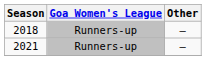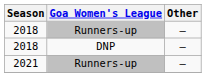 <table class="wikitable" style="text-align:center">
 <tr>
 <th>Season</th>
 <th><a href='#'>Goa Women's League</a></th>
 <th>Other</th>
 </tr>
 <tr>
 <td align="center">2018</td>
 <td style="text-align:center; background:Silver;">Runners-up</td>
 <td align="center">–</td>
 </tr>
 <tr>
+<td align="center">2018</td>
+<td style="text-align:center">DNP</td>
+<td align="center">–</td>
+</tr>
+<tr>
 <td align="center">2021</td>
 <td style="text-align:center; background:Silver;">Runners-up</td>
 <td align="center">–</td>
 </tr>
 <tr>
 </tr>
 </table>
